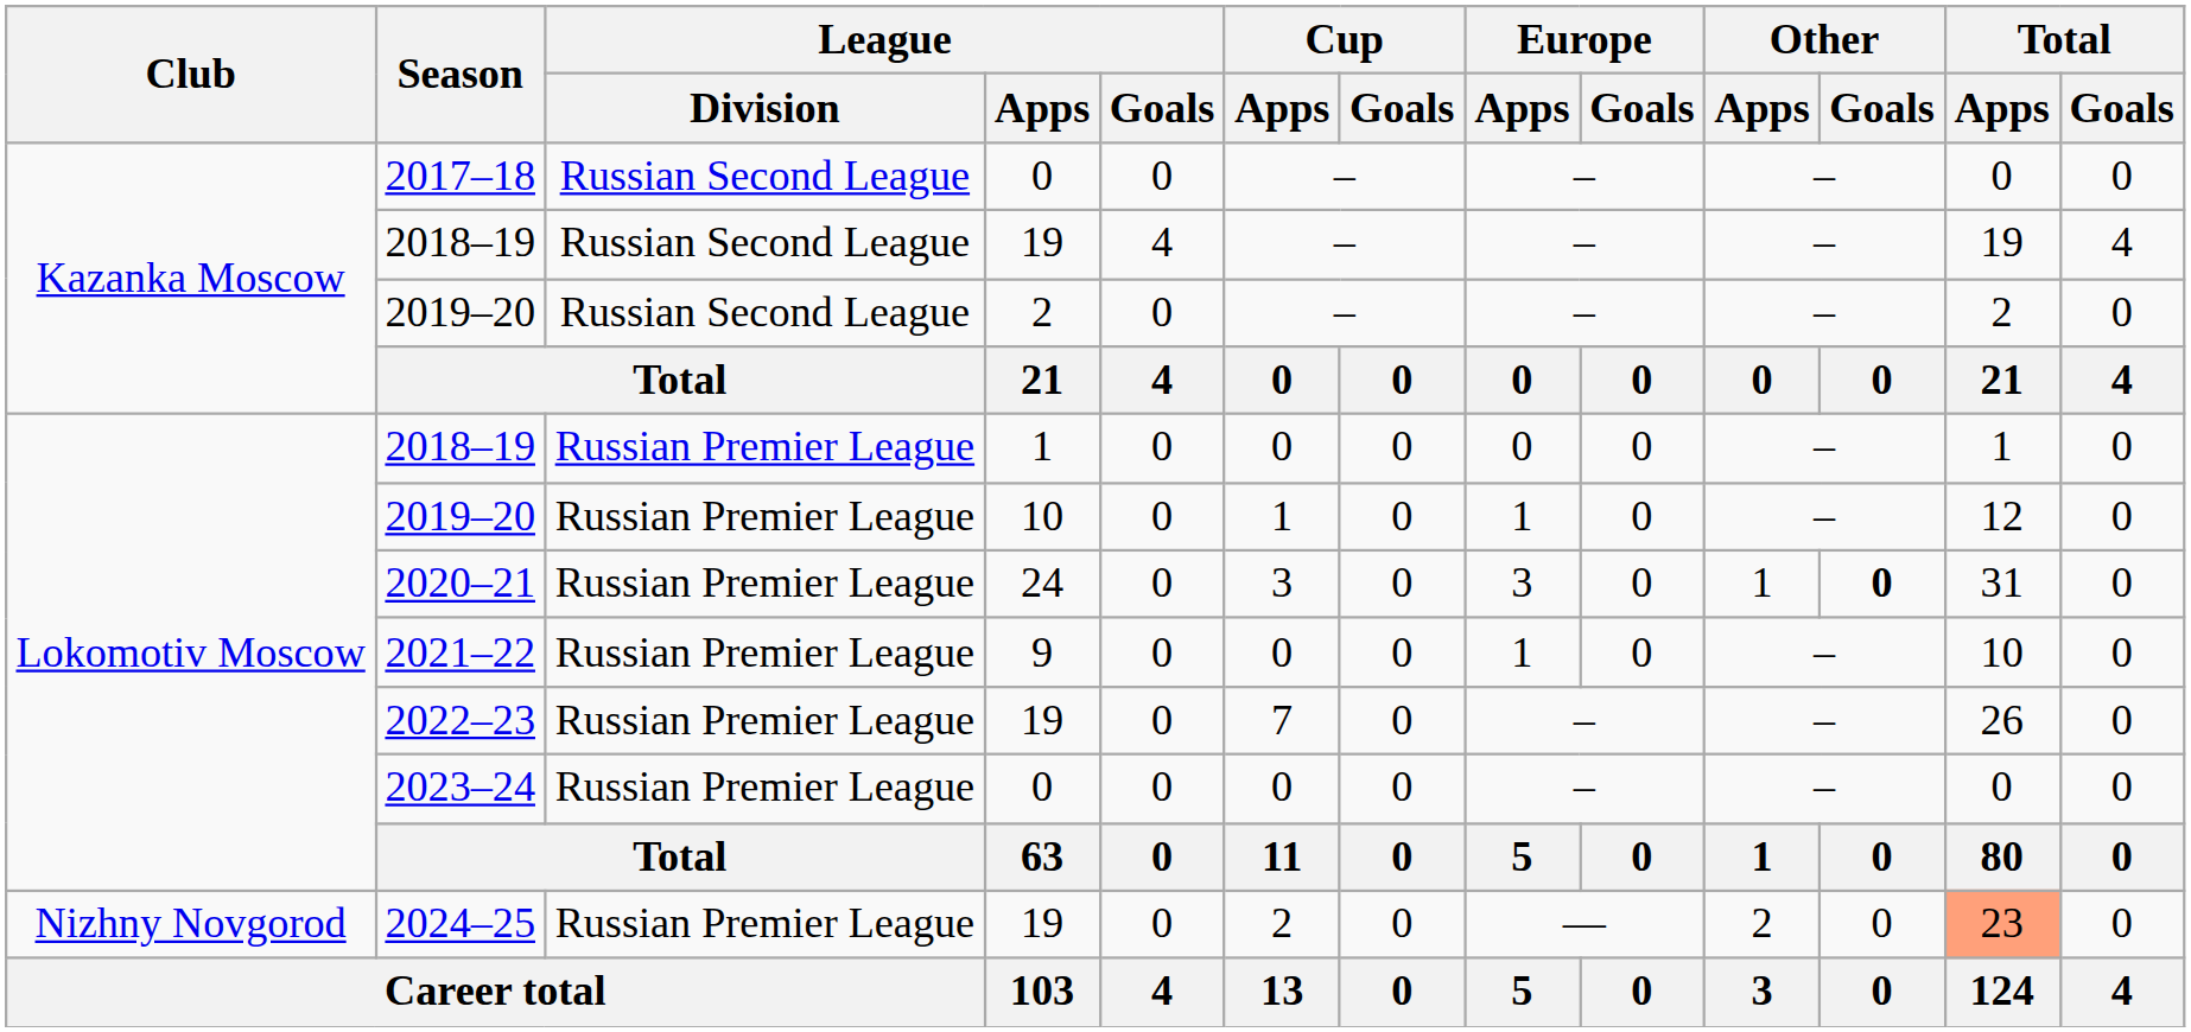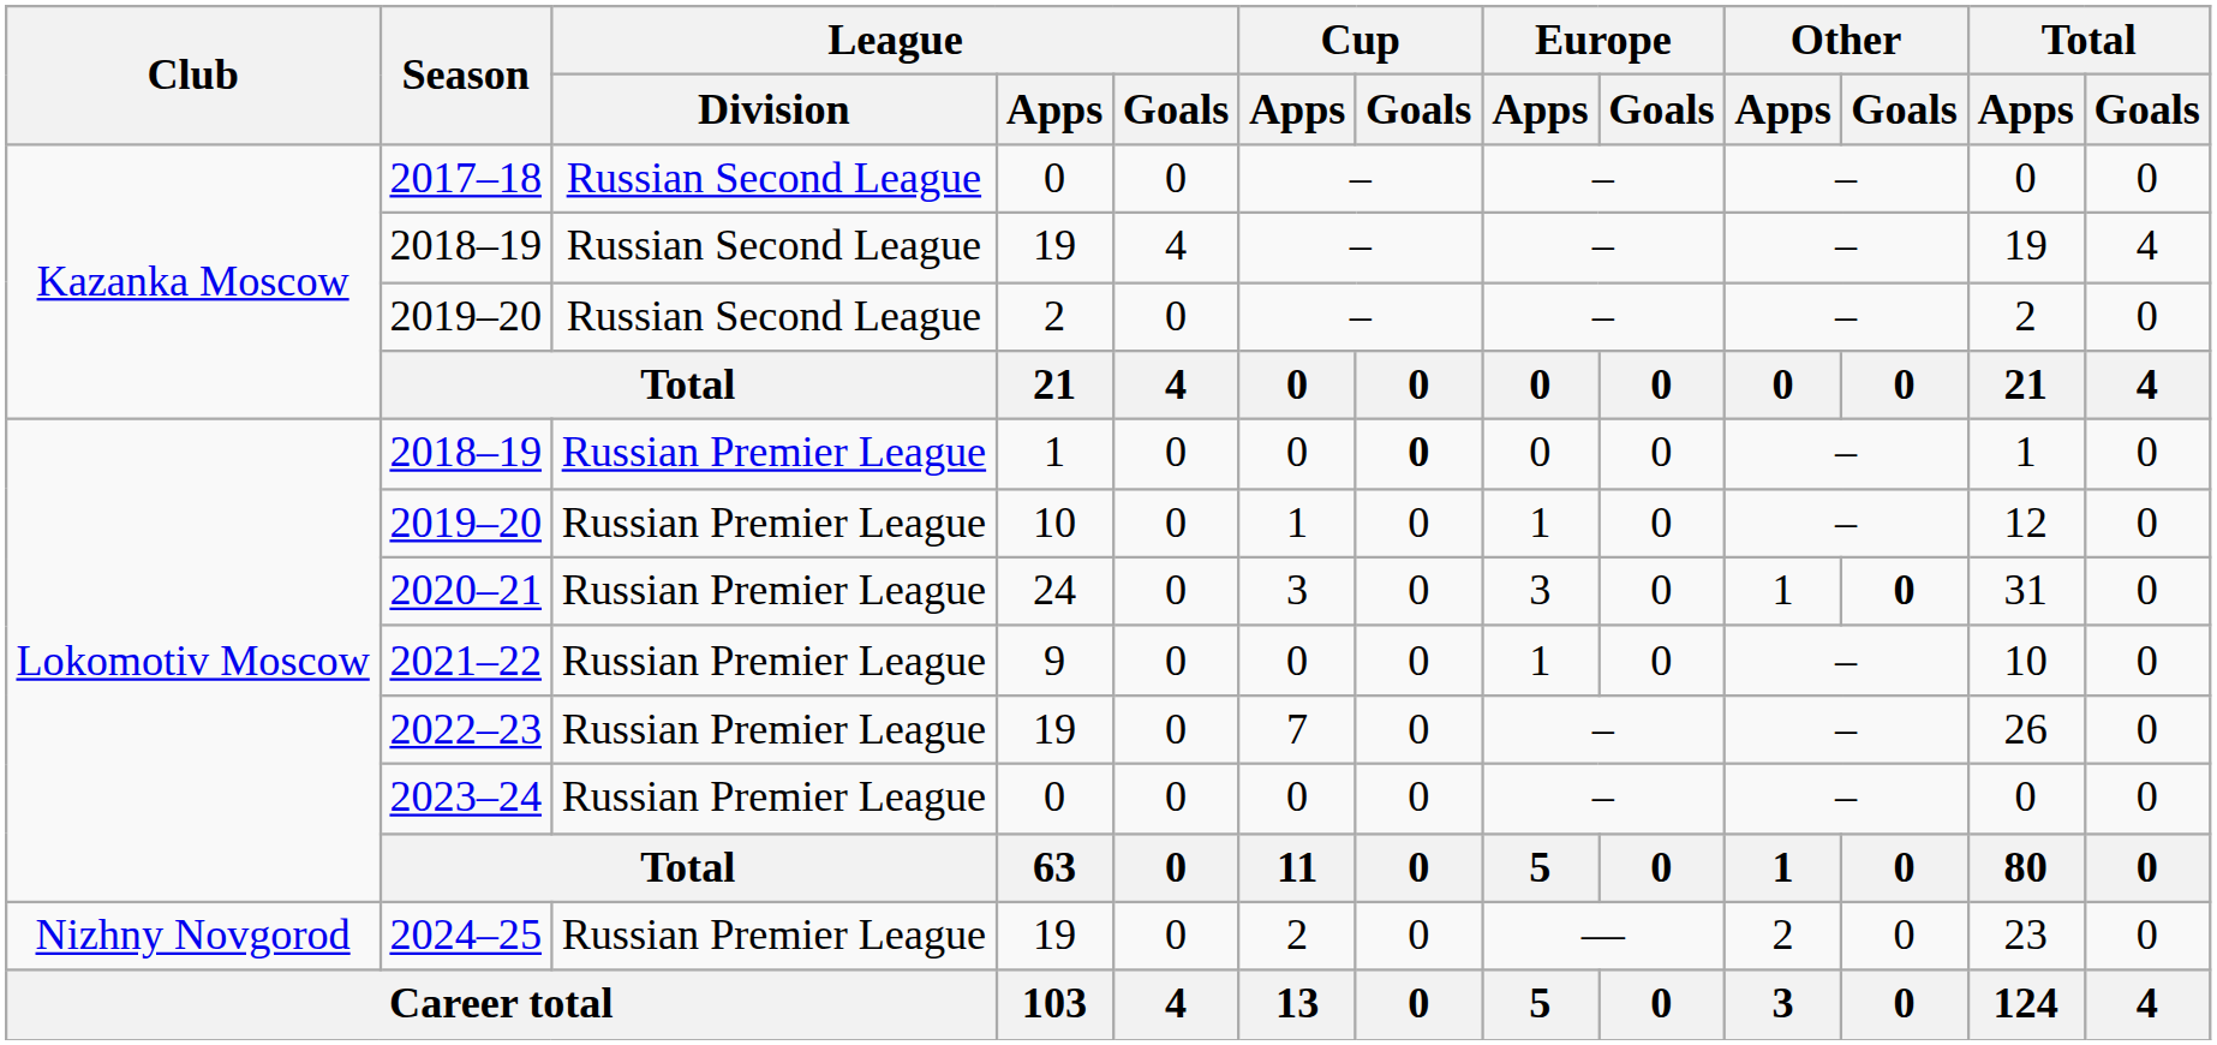 <table class="wikitable" style="text-align: center;">
 <tr>
 <th rowspan="2">Club</th>
 <th rowspan="2">Season</th>
 <th colspan="3">League</th>
 <th colspan="2">Cup</th>
 <th colspan="2">Europe</th>
 <th colspan="2">Other</th>
 <th colspan="2">Total</th>
 </tr>
 <tr>
 <th>Division</th>
 <th>Apps</th>
 <th>Goals</th>
 <th>Apps</th>
 <th>Goals</th>
 <th>Apps</th>
 <th>Goals</th>
 <th>Apps</th>
 <th>Goals</th>
 <th>Apps</th>
 <th>Goals</th>
 </tr>
 <tr>
 <td rowspan="4"><a href='#'>Kazanka Moscow</a></td>
 <td><a href='#'>2017–18</a></td>
 <td><a href='#'>Russian Second League</a></td>
 <td>0</td>
 <td>0</td>
 <td colspan=2>–</td>
 <td colspan=2>–</td>
 <td colspan=2>–</td>
 <td>0</td>
 <td>0</td>
 </tr>
 <tr>
 <td>2018–19</td>
 <td>Russian Second League</td>
 <td>19</td>
 <td>4</td>
 <td colspan=2>–</td>
 <td colspan=2>–</td>
 <td colspan=2>–</td>
 <td>19</td>
 <td>4</td>
 </tr>
 <tr>
 <td>2019–20</td>
 <td>Russian Second League</td>
 <td>2</td>
 <td>0</td>
 <td colspan=2>–</td>
 <td colspan=2>–</td>
 <td colspan=2>–</td>
 <td>2</td>
 <td>0</td>
 </tr>
 <tr>
 <th colspan=2>Total</th>
 <th>21</th>
 <th>4</th>
 <th>0</th>
 <th>0</th>
 <th>0</th>
 <th>0</th>
 <th>0</th>
 <th>0</th>
 <th>21</th>
 <th>4</th>
 </tr>
 <tr>
 <td rowspan="7"><a href='#'>Lokomotiv Moscow</a></td>
 <td><a href='#'>2018–19</a></td>
 <td><a href='#'>Russian Premier League</a></td>
 <td>1</td>
 <td>0</td>
 <td>0</td>
-<td>0</td>
+<td><strong>0</strong></td>
 <td>0</td>
 <td>0</td>
 <td colspan=2>–</td>
 <td>1</td>
 <td>0</td>
 </tr>
 <tr>
 <td><a href='#'>2019–20</a></td>
 <td>Russian Premier League</td>
 <td>10</td>
 <td>0</td>
 <td>1</td>
 <td>0</td>
 <td>1</td>
 <td>0</td>
 <td colspan=2>–</td>
 <td>12</td>
 <td>0</td>
 </tr>
 <tr>
 <td><a href='#'>2020–21</a></td>
 <td>Russian Premier League</td>
 <td>24</td>
 <td>0</td>
 <td>3</td>
 <td>0</td>
 <td>3</td>
 <td>0</td>
 <td>1</td>
 <td><strong>0</strong></td>
 <td>31</td>
 <td>0</td>
 </tr>
 <tr>
 <td><a href='#'>2021–22</a></td>
 <td>Russian Premier League</td>
 <td>9</td>
 <td>0</td>
 <td>0</td>
 <td>0</td>
 <td>1</td>
 <td>0</td>
 <td colspan=2>–</td>
 <td>10</td>
 <td>0</td>
 </tr>
 <tr>
 <td><a href='#'>2022–23</a></td>
 <td>Russian Premier League</td>
 <td>19</td>
 <td>0</td>
 <td>7</td>
 <td>0</td>
 <td colspan=2>–</td>
 <td colspan=2>–</td>
 <td>26</td>
 <td>0</td>
 </tr>
 <tr>
 <td><a href='#'>2023–24</a></td>
 <td>Russian Premier League</td>
 <td>0</td>
 <td>0</td>
 <td>0</td>
 <td>0</td>
 <td colspan=2>–</td>
 <td colspan=2>–</td>
 <td>0</td>
 <td>0</td>
 </tr>
 <tr>
 <th colspan=2>Total</th>
 <th>63</th>
 <th>0</th>
 <th>11</th>
 <th>0</th>
 <th>5</th>
 <th>0</th>
 <th>1</th>
 <th>0</th>
 <th>80</th>
 <th>0</th>
 </tr>
 <tr>
 <td><a href='#'>Nizhny Novgorod</a></td>
 <td><a href='#'>2024–25</a></td>
 <td>Russian Premier League</td>
 <td>19</td>
 <td>0</td>
 <td>2</td>
 <td>0</td>
 <td colspan="2">—</td>
 <td>2</td>
 <td>0</td>
-<td style="background: lightsalmon;">23</td>
+<td>23</td>
 <td>0</td>
 </tr>
 <tr>
 <th colspan="3">Career total</th>
 <th>103</th>
 <th>4</th>
 <th>13</th>
 <th>0</th>
 <th>5</th>
 <th>0</th>
 <th>3</th>
 <th>0</th>
 <th>124</th>
 <th>4</th>
 </tr>
 </table>
